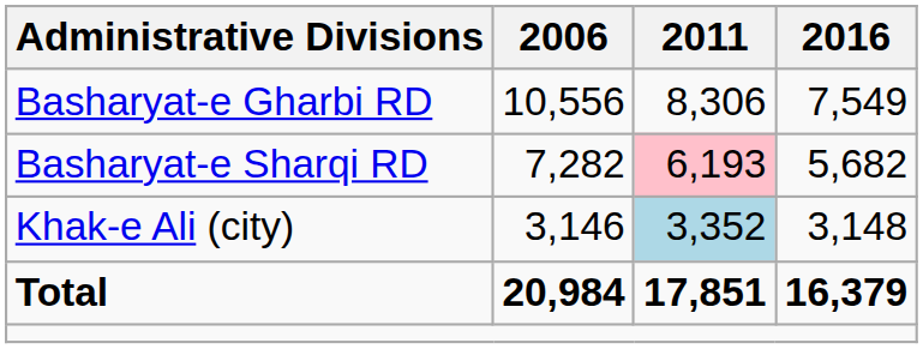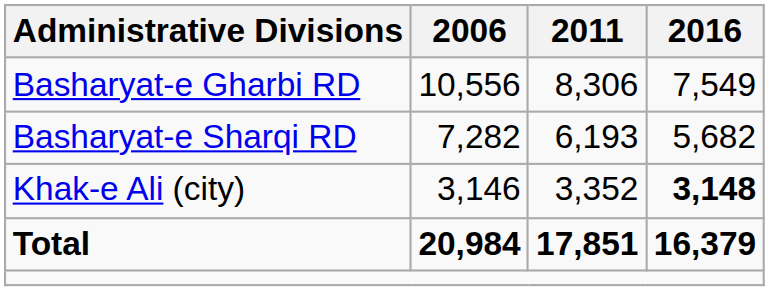 <table class="wikitable">
 <tr>
 <th>Administrative Divisions</th>
 <th>2006</th>
 <th>2011</th>
 <th>2016</th>
 </tr>
 <tr>
 <td><a href='#'>Basharyat-e Gharbi RD</a></td>
 <td style="text-align: right;">10,556</td>
 <td style="text-align: right;">8,306</td>
 <td style="text-align: right;">7,549</td>
 </tr>
 <tr>
 <td><a href='#'>Basharyat-e Sharqi RD</a></td>
 <td style="text-align: right;">7,282</td>
-<td style="background: pink; text-align: right;">6,193</td>
+<td style="text-align: right;">6,193</td>
 <td style="text-align: right;">5,682</td>
 </tr>
 <tr>
 <td><a href='#'>Khak-e Ali</a> (city)</td>
 <td style="text-align: right;">3,146</td>
-<td style="background: lightblue; text-align: right;">3,352</td>
-<td style="text-align: right;">3,148</td>
+<td style="text-align: right;">3,352</td>
+<td style="text-align: right;"><strong>3,148</strong></td>
 </tr>
 <tr>
 <td><strong>Total</strong></td>
 <td style="text-align: right;"><strong>20,984</strong></td>
 <td style="text-align: right;"><strong>17,851</strong></td>
 <td style="text-align: right;"><strong>16,379</strong></td>
 </tr>
 <tr>
 <td colspan=4></td>
 </tr>
 </table>
